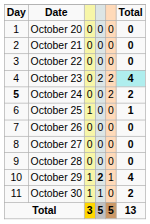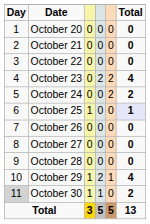 <table class=wikitable style="font-size:100%; text-align:center">
 <tr>
 </tr>
 <tr>
 <td><strong>Day</strong></td>
 <td><strong>Date</strong></td>
 <td bgcolor=F7F6A8></td>
 <td bgcolor=DCE5E5></td>
 <td bgcolor=FFDAB9></td>
 <td><strong>Total</strong></td>
 </tr>
 <tr>
 <td>1</td>
 <td>October 20</td>
 <td bgcolor=F7F6A8>0</td>
 <td bgcolor=DCE5E5>0</td>
 <td bgcolor=FFDAB9>0</td>
 <td><strong>0</strong></td>
 </tr>
 <tr>
 <td>2</td>
 <td>October 21</td>
 <td bgcolor=F7F6A8>0</td>
 <td bgcolor=DCE5E5>0</td>
 <td bgcolor=FFDAB9>0</td>
 <td><strong>0</strong></td>
 </tr>
 <tr>
 <td>3</td>
 <td>October 22</td>
 <td bgcolor=F7F6A8>0</td>
 <td bgcolor=DCE5E5>0</td>
 <td bgcolor=FFDAB9>0</td>
 <td><strong>0</strong></td>
 </tr>
 <tr>
 <td>4</td>
 <td>October 23</td>
 <td bgcolor=F7F6A8>0</td>
 <td bgcolor=DCE5E5>2</td>
 <td bgcolor=FFDAB9>2</td>
-<td style="background: paleturquoise;"><strong>4</strong></td>
+<td><strong>4</strong></td>
 </tr>
 <tr>
-<td><strong>5</strong></td>
+<td>5</td>
 <td>October 24</td>
 <td bgcolor=F7F6A8>0</td>
 <td bgcolor=DCE5E5>0</td>
 <td bgcolor=FFDAB9>2</td>
 <td><strong>2</strong></td>
 </tr>
 <tr>
 <td>6</td>
 <td>October 25</td>
 <td bgcolor=F7F6A8>1</td>
 <td bgcolor=DCE5E5>0</td>
 <td bgcolor=FFDAB9>0</td>
-<td><strong>1</strong></td>
+<td style="background: lavender;"><strong>1</strong></td>
 </tr>
 <tr>
 <td>7</td>
 <td>October 26</td>
 <td bgcolor=F7F6A8>0</td>
 <td bgcolor=DCE5E5>0</td>
 <td bgcolor=FFDAB9>0</td>
 <td><strong>0</strong></td>
 </tr>
 <tr>
 <td>8</td>
 <td>October 27</td>
 <td bgcolor=F7F6A8>0</td>
 <td bgcolor=DCE5E5>0</td>
 <td bgcolor=FFDAB9>0</td>
 <td><strong>0</strong></td>
 </tr>
 <tr>
 <td>9</td>
 <td>October 28</td>
 <td bgcolor=F7F6A8>0</td>
 <td bgcolor=DCE5E5>0</td>
 <td bgcolor=FFDAB9>0</td>
 <td><strong>0</strong></td>
 </tr>
 <tr>
 <td>10</td>
 <td>October 29</td>
 <td bgcolor=F7F6A8>1</td>
-<td bgcolor=DCE5E5><strong>2</strong></td>
+<td bgcolor=DCE5E5>2</td>
 <td bgcolor=FFDAB9>1</td>
 <td><strong>4</strong></td>
 </tr>
 <tr>
-<td>11</td>
+<td style="background: lightgrey;">11</td>
 <td>October 30</td>
 <td bgcolor=F7F6A8>1</td>
 <td bgcolor=DCE5E5>1</td>
 <td bgcolor=FFDAB9>0</td>
 <td><strong>2</strong></td>
 </tr>
 <tr>
 <td colspan=2><strong>Total</strong></td>
 <td style="background:gold;"><strong>3</strong></td>
 <td style="background:silver;"><strong>5</strong></td>
 <td style="background:#c96;"><strong>5</strong></td>
 <td><strong>13</strong></td>
 </tr>
 </table>
